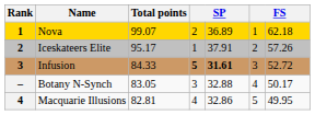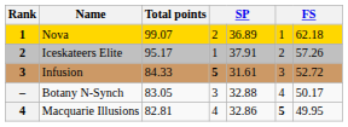 <table class="wikitable sortable">
 <tr>
 <th>Rank</th>
 <th>Name</th>
 <th>Total points</th>
 <th colspan="2" width="80px"><a href='#'>SP</a></th>
 <th colspan="2" width="80px"><a href='#'>FS</a></th>
 </tr>
 <tr bgcolor="gold">
 <td align="center"><strong>1</strong></td>
 <td>Nova</td>
 <td>99.07</td>
 <td>2</td>
 <td>36.89</td>
 <td>1</td>
 <td>62.18</td>
 </tr>
 <tr bgcolor="silver">
 <td align="center"><strong>2</strong></td>
 <td>Iceskateers Elite</td>
 <td>95.17</td>
 <td>1</td>
 <td>37.91</td>
 <td>2</td>
 <td>57.26</td>
 </tr>
 <tr bgcolor="cc9966">
 <td align="center"><strong>3</strong></td>
 <td>Infusion</td>
 <td>84.33</td>
 <td><strong>5</strong></td>
-<td><strong>31.61</strong></td>
+<td>31.61</td>
 <td>3</td>
 <td>52.72</td>
 </tr>
 <tr>
 <th>–</th>
 <td> Botany N-Synch</td>
 <td>83.05</td>
 <td>3</td>
 <td>32.88</td>
 <td>4</td>
 <td>50.17</td>
 </tr>
 <tr>
 <th>4</th>
 <td>Macquarie Illusions</td>
 <td>82.81</td>
 <td>4</td>
 <td>32.86</td>
-<td>5</td>
+<td><strong>5</strong></td>
 <td>49.95</td>
 </tr>
 </table>
